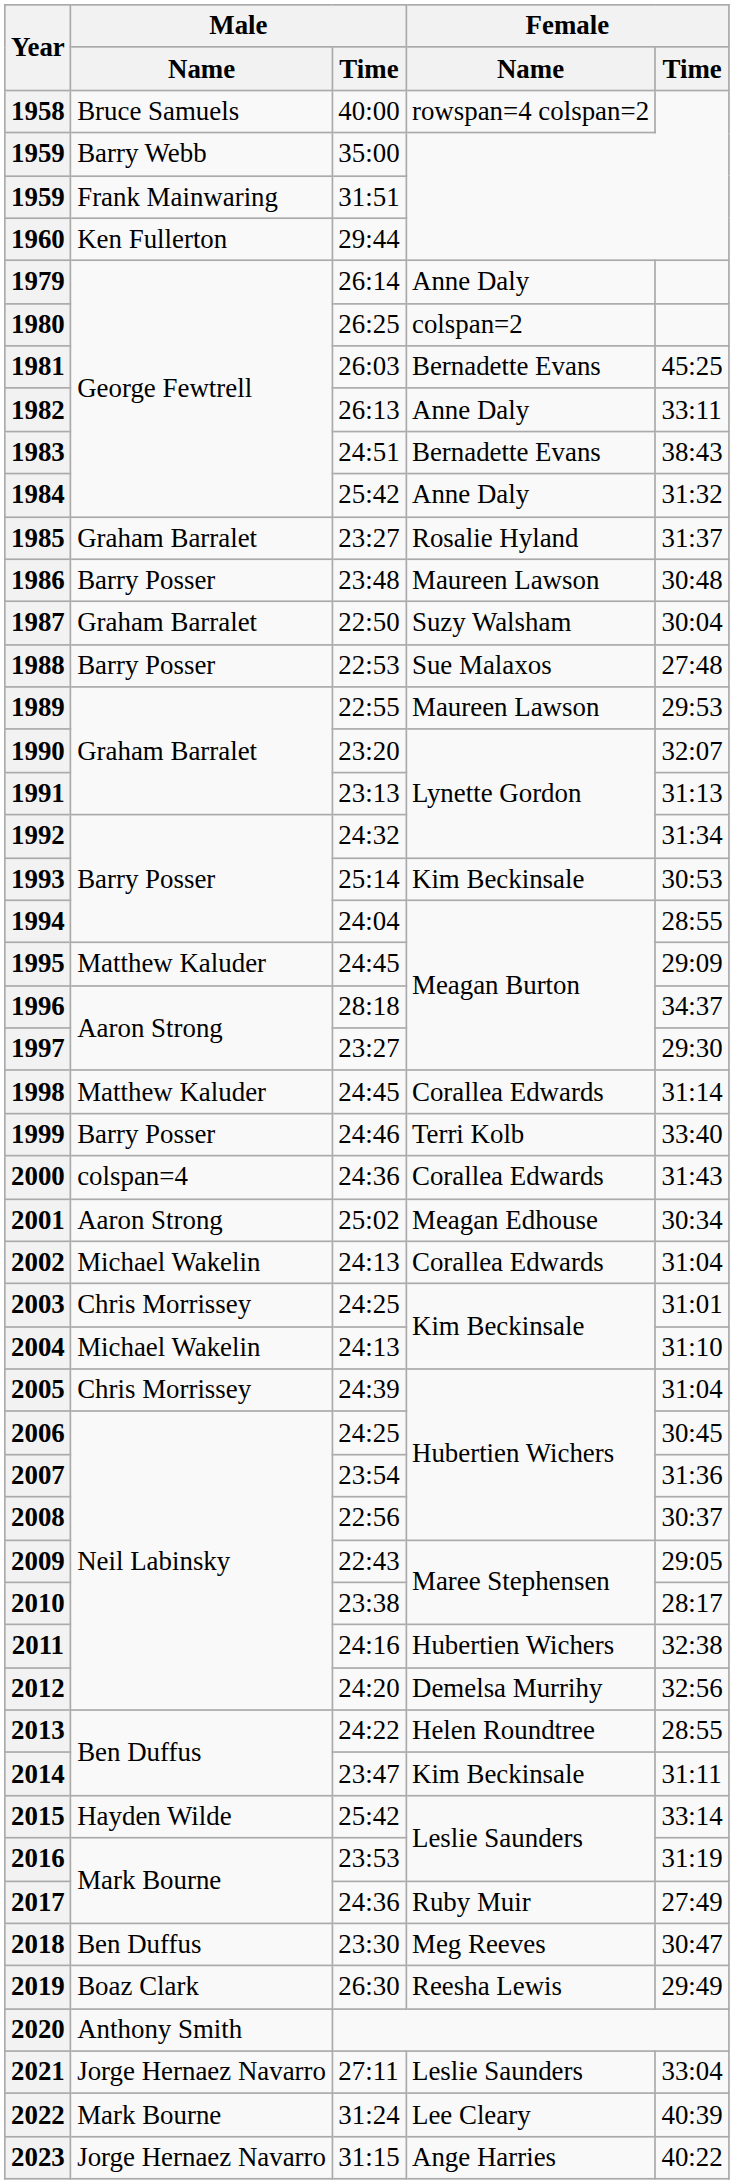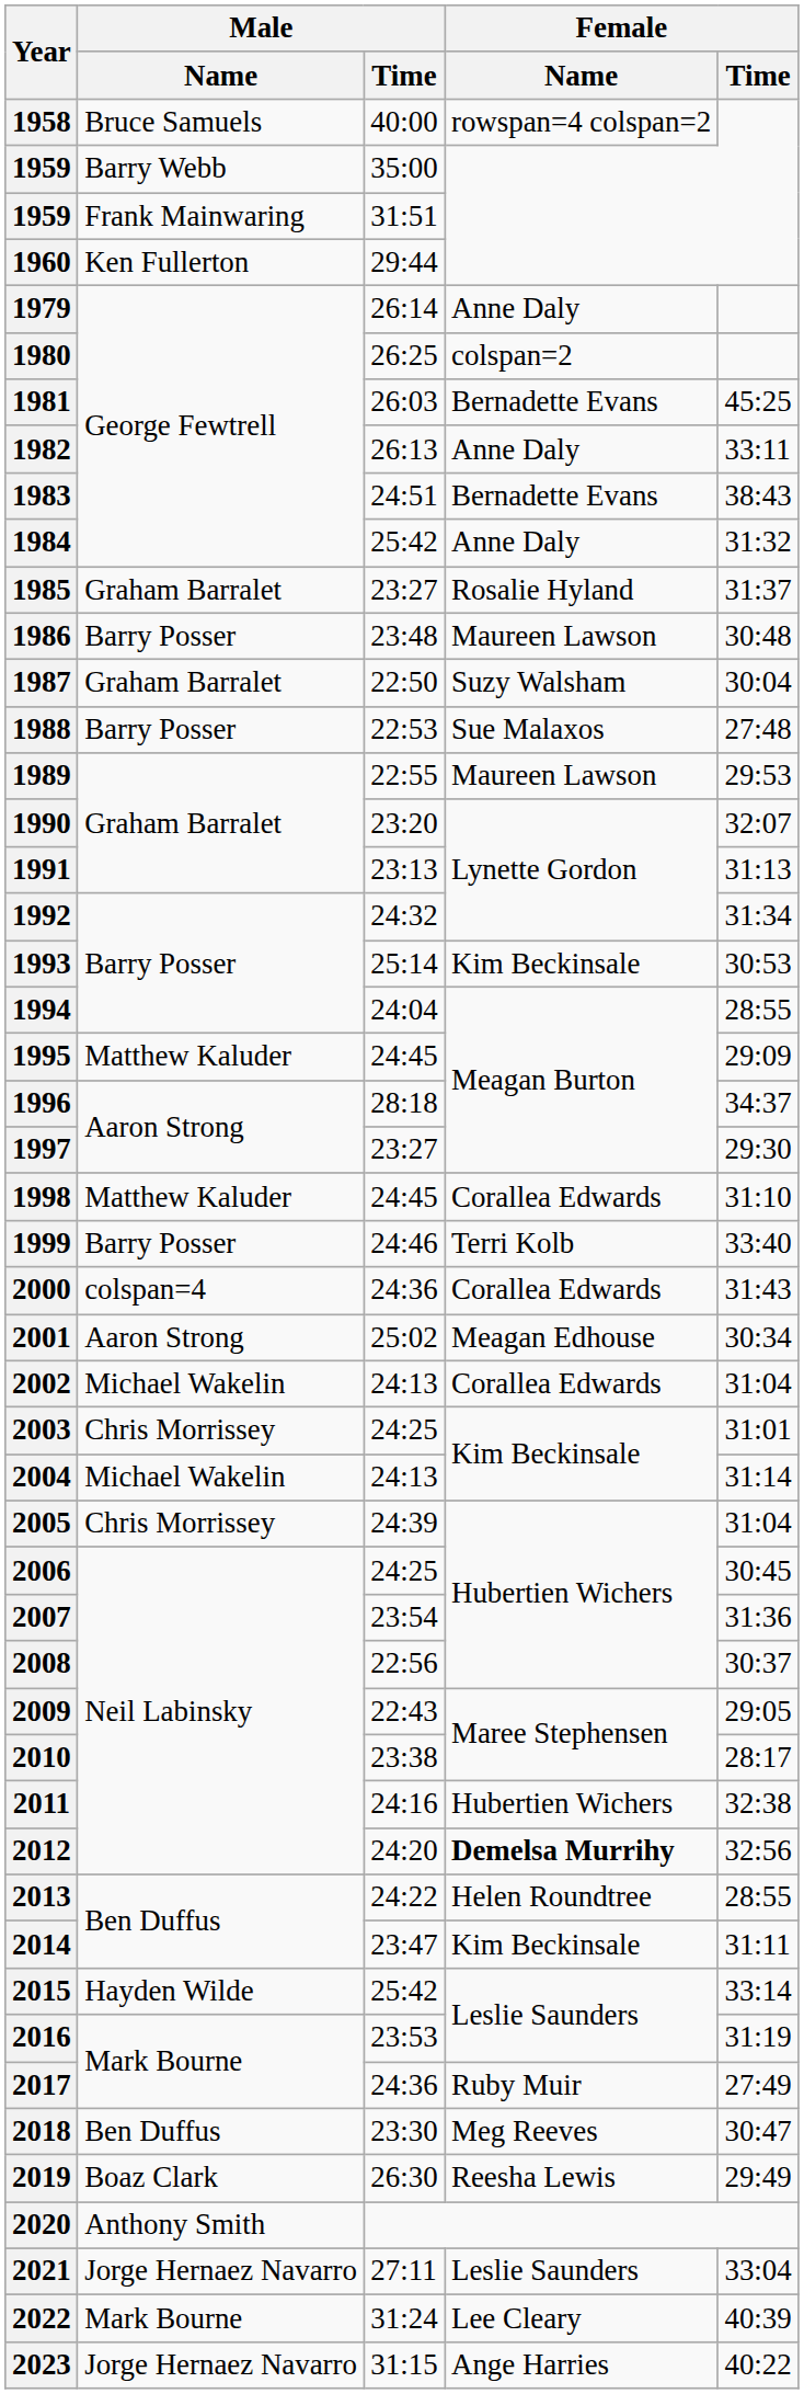 <table class="wikitable sortable">
 <tr>
 <th rowspan=2>Year</th>
 <th colspan=2>Male</th>
 <th colspan=2>Female</th>
 </tr>
 <tr>
 <th>Name</th>
 <th>Time</th>
 <th>Name</th>
 <th>Time</th>
 </tr>
 <tr>
 <th>1958</th>
 <td>Bruce Samuels</td>
 <td>40:00</td>
 <td>rowspan=4 colspan=2 </td>
 </tr>
 <tr>
 <th>1959</th>
 <td>Barry Webb</td>
 <td>35:00</td>
 </tr>
 <tr>
 <th>1959</th>
 <td>Frank Mainwaring</td>
 <td>31:51</td>
 </tr>
 <tr>
 <th>1960</th>
 <td>Ken Fullerton</td>
 <td>29:44</td>
 </tr>
 <tr>
 <th>1979</th>
 <td rowspan=6>George Fewtrell</td>
 <td>26:14</td>
 <td>Anne Daly</td>
 <td></td>
 </tr>
 <tr>
 <th>1980</th>
 <td>26:25</td>
 <td>colspan=2 </td>
 </tr>
 <tr>
 <th>1981</th>
 <td>26:03</td>
 <td>Bernadette Evans</td>
 <td>45:25</td>
 </tr>
 <tr>
 <th>1982</th>
 <td>26:13</td>
 <td>Anne Daly</td>
 <td>33:11</td>
 </tr>
 <tr>
 <th>1983</th>
 <td>24:51</td>
 <td>Bernadette Evans</td>
 <td>38:43</td>
 </tr>
 <tr>
 <th>1984</th>
 <td>25:42</td>
 <td>Anne Daly</td>
 <td>31:32</td>
 </tr>
 <tr>
 <th>1985</th>
 <td>Graham Barralet</td>
 <td>23:27</td>
 <td>Rosalie Hyland</td>
 <td>31:37</td>
 </tr>
 <tr>
 <th>1986</th>
 <td>Barry Posser</td>
 <td>23:48</td>
 <td>Maureen Lawson</td>
 <td>30:48</td>
 </tr>
 <tr>
 <th>1987</th>
 <td>Graham Barralet</td>
 <td>22:50</td>
 <td>Suzy Walsham</td>
 <td>30:04</td>
 </tr>
 <tr>
 <th>1988</th>
 <td>Barry Posser</td>
 <td>22:53</td>
 <td>Sue Malaxos</td>
 <td>27:48</td>
 </tr>
 <tr>
 <th>1989</th>
 <td rowspan=3>Graham Barralet</td>
 <td>22:55</td>
 <td>Maureen Lawson</td>
 <td>29:53</td>
 </tr>
 <tr>
 <th>1990</th>
 <td>23:20</td>
 <td rowspan=3>Lynette Gordon</td>
 <td>32:07</td>
 </tr>
 <tr>
 <th>1991</th>
 <td>23:13</td>
 <td>31:13</td>
 </tr>
 <tr>
 <th>1992</th>
 <td rowspan=3>Barry Posser</td>
 <td>24:32</td>
 <td>31:34</td>
 </tr>
 <tr>
 <th>1993</th>
 <td>25:14</td>
 <td>Kim Beckinsale</td>
 <td>30:53</td>
 </tr>
 <tr>
 <th>1994</th>
 <td>24:04</td>
 <td rowspan=4>Meagan Burton</td>
 <td>28:55</td>
 </tr>
 <tr>
 <th>1995</th>
 <td>Matthew Kaluder</td>
 <td>24:45</td>
 <td>29:09</td>
 </tr>
 <tr>
 <th>1996</th>
 <td rowspan=2>Aaron Strong</td>
 <td>28:18</td>
 <td>34:37</td>
 </tr>
 <tr>
 <th>1997</th>
 <td>23:27</td>
 <td>29:30</td>
 </tr>
 <tr>
 <th>1998</th>
 <td>Matthew Kaluder</td>
 <td>24:45</td>
 <td>Corallea Edwards</td>
-<td>31:14</td>
+<td>31:10</td>
 </tr>
 <tr>
 <th>1999</th>
 <td>Barry Posser</td>
 <td>24:46</td>
 <td>Terri Kolb</td>
 <td>33:40</td>
 </tr>
 <tr>
 <th>2000</th>
 <td>colspan=4 </td>
 <td>24:36</td>
 <td>Corallea Edwards</td>
 <td>31:43</td>
 </tr>
 <tr>
 <th>2001</th>
 <td>Aaron Strong</td>
 <td>25:02</td>
 <td>Meagan Edhouse</td>
 <td>30:34</td>
 </tr>
 <tr>
 <th>2002</th>
 <td>Michael Wakelin</td>
 <td>24:13</td>
 <td>Corallea Edwards</td>
 <td>31:04</td>
 </tr>
 <tr>
 <th>2003</th>
 <td>Chris Morrissey</td>
 <td>24:25</td>
 <td rowspan=2>Kim Beckinsale</td>
 <td>31:01</td>
 </tr>
 <tr>
 <th>2004</th>
 <td>Michael Wakelin</td>
 <td>24:13</td>
-<td>31:10</td>
+<td>31:14</td>
 </tr>
 <tr>
 <th>2005</th>
 <td>Chris Morrissey</td>
 <td>24:39</td>
 <td rowspan=4>Hubertien Wichers</td>
 <td>31:04</td>
 </tr>
 <tr>
 <th>2006</th>
 <td rowspan=7>Neil Labinsky</td>
 <td>24:25</td>
 <td>30:45</td>
 </tr>
 <tr>
 <th>2007</th>
 <td>23:54</td>
 <td>31:36</td>
 </tr>
 <tr>
 <th>2008</th>
 <td>22:56</td>
 <td>30:37</td>
 </tr>
 <tr>
 <th>2009</th>
 <td>22:43</td>
 <td rowspan=2>Maree Stephensen</td>
 <td>29:05</td>
 </tr>
 <tr>
 <th>2010</th>
 <td>23:38</td>
 <td>28:17</td>
 </tr>
 <tr>
 <th>2011</th>
 <td>24:16</td>
 <td>Hubertien Wichers</td>
 <td>32:38</td>
 </tr>
 <tr>
 <th>2012</th>
 <td>24:20</td>
-<td>Demelsa Murrihy</td>
+<td><strong>Demelsa Murrihy</strong></td>
 <td>32:56</td>
 </tr>
 <tr>
 <th>2013</th>
 <td rowspan=2>Ben Duffus</td>
 <td>24:22</td>
 <td>Helen Roundtree</td>
 <td>28:55</td>
 </tr>
 <tr>
 <th>2014</th>
 <td>23:47</td>
 <td>Kim Beckinsale</td>
 <td>31:11</td>
 </tr>
 <tr>
 <th>2015</th>
 <td>Hayden Wilde</td>
 <td>25:42</td>
 <td rowspan=2>Leslie Saunders</td>
 <td>33:14</td>
 </tr>
 <tr>
 <th>2016</th>
 <td rowspan=2>Mark Bourne</td>
 <td>23:53</td>
 <td>31:19</td>
 </tr>
 <tr>
 <th>2017</th>
 <td>24:36</td>
 <td>Ruby Muir</td>
 <td>27:49</td>
 </tr>
 <tr>
 <th>2018</th>
 <td>Ben Duffus</td>
 <td>23:30</td>
 <td>Meg Reeves</td>
 <td>30:47</td>
 </tr>
 <tr>
 <th>2019</th>
 <td>Boaz Clark</td>
 <td>26:30</td>
 <td>Reesha Lewis</td>
 <td>29:49</td>
 </tr>
 <tr>
 <th>2020</th>
 <td>Anthony Smith</td>
 </tr>
 <tr>
 <th>2021</th>
 <td>Jorge Hernaez Navarro</td>
 <td>27:11</td>
 <td>Leslie Saunders</td>
 <td>33:04</td>
 </tr>
 <tr>
 <th>2022</th>
 <td>Mark Bourne</td>
 <td>31:24</td>
 <td>Lee Cleary</td>
 <td>40:39</td>
 </tr>
 <tr>
 <th>2023</th>
 <td>Jorge Hernaez Navarro</td>
 <td>31:15</td>
 <td>Ange Harries</td>
 <td>40:22</td>
 </tr>
 </table>
